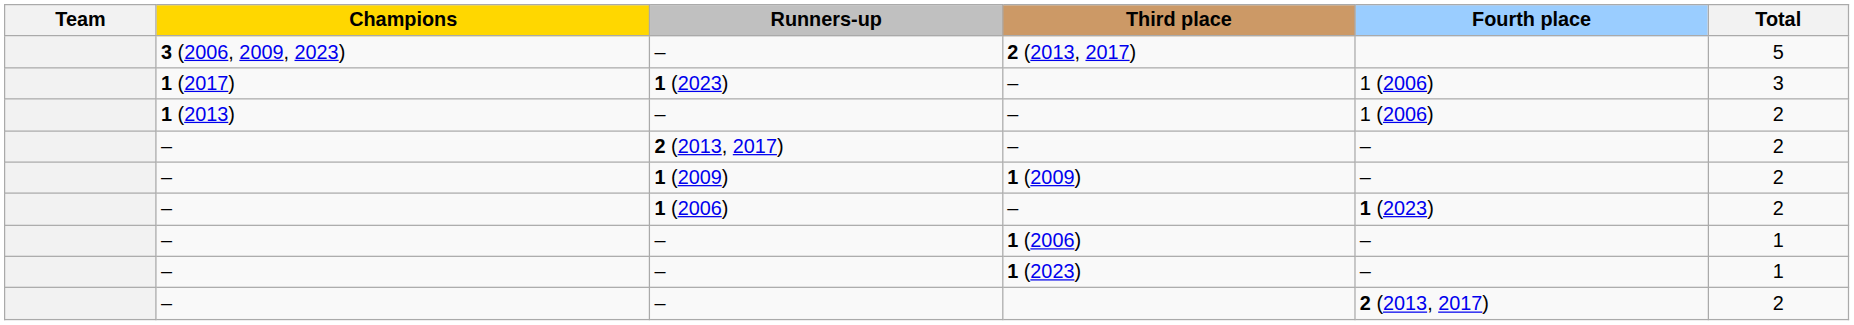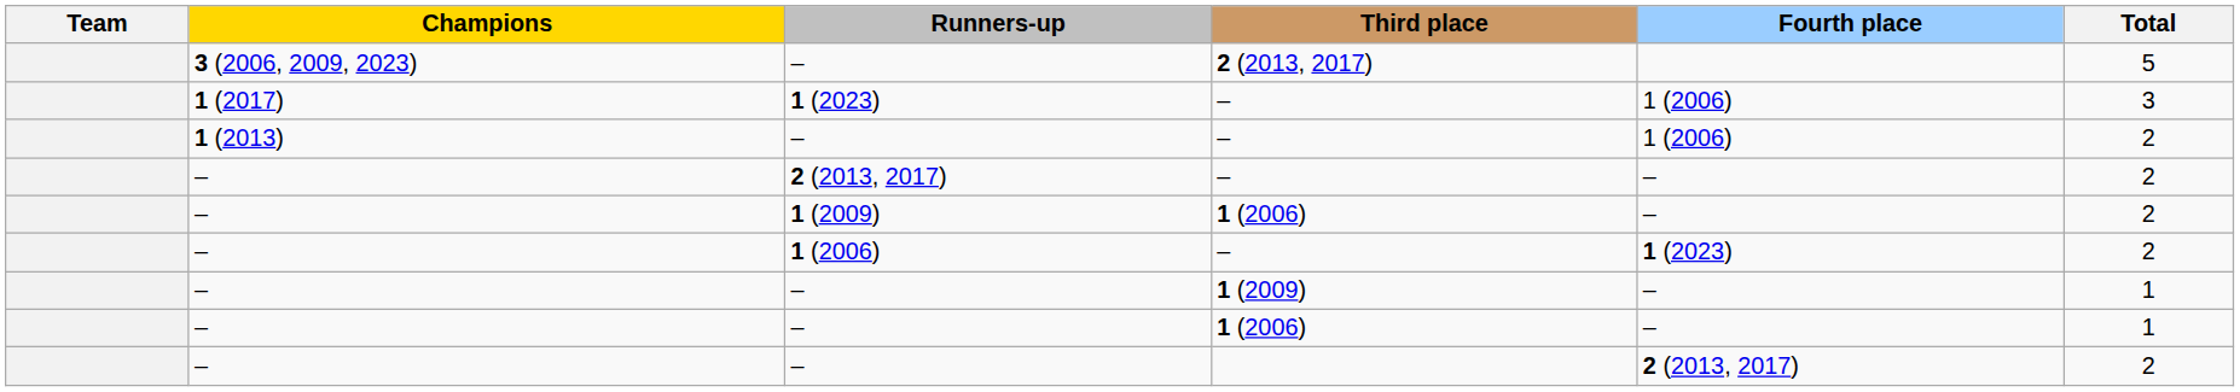 <table class="wikitable sortable plainrowheaders" style=font-size:100% width=75%>
 <tr>
 <th>Team</th>
 <th scope="col" style="background-color:gold;">Champions</th>
 <th scope="col" style="background-color:silver;">Runners-up</th>
 <th scope="col" style="background-color:#c96;">Third place</th>
 <th scope="col" style="background: #9acdff;">Fourth place</th>
 <th scope="col">Total</th>
 </tr>
 <tr>
 <th scope="row"></th>
 <td><strong>3</strong> (<a href='#'>2006</a>, <a href='#'>2009</a>, <a href='#'>2023</a>)</td>
 <td>–</td>
 <td><strong>2</strong> (<a href='#'>2013</a>, <a href='#'>2017</a>)</td>
 <td></td>
 <td align=center>5</td>
 </tr>
 <tr>
 <th scope="row"></th>
 <td><strong>1</strong> (<a href='#'>2017</a>)</td>
 <td><strong>1</strong> (<a href='#'>2023</a>)</td>
 <td>–</td>
 <td>1 (<a href='#'>2006</a>)</td>
 <td align=center>3</td>
 </tr>
 <tr>
 <th scope="row"></th>
 <td><strong>1</strong> (<a href='#'>2013</a>)</td>
 <td>–</td>
 <td>–</td>
 <td>1 (<a href='#'>2006</a>)</td>
 <td align=center>2</td>
 </tr>
 <tr>
 <th scope="row"></th>
 <td>–</td>
 <td><strong>2</strong> (<a href='#'>2013</a>, <a href='#'>2017</a>)</td>
 <td>–</td>
 <td>–</td>
 <td align=center>2</td>
 </tr>
 <tr>
 <th scope="row"></th>
 <td>–</td>
 <td><strong>1</strong> (<a href='#'>2009</a>)</td>
-<td><strong>1</strong> (<a href='#'>2009</a>)</td>
+<td><strong>1</strong> (<a href='#'>2006</a>)</td>
 <td>–</td>
 <td align=center>2</td>
 </tr>
 <tr>
 <th scope="row"></th>
 <td>–</td>
 <td><strong>1</strong> (<a href='#'>2006</a>)</td>
 <td>–</td>
 <td><strong>1</strong> (<a href='#'>2023</a>)</td>
 <td align=center>2</td>
 </tr>
 <tr>
 <th scope="row"></th>
 <td>–</td>
 <td>–</td>
-<td><strong>1</strong> (<a href='#'>2006</a>)</td>
+<td><strong>1</strong> (<a href='#'>2009</a>)</td>
 <td>–</td>
 <td align=center>1</td>
 </tr>
 <tr>
 <th scope="row"></th>
 <td>–</td>
 <td>–</td>
-<td><strong>1</strong> (<a href='#'>2023</a>)</td>
+<td><strong>1</strong> (<a href='#'>2006</a>)</td>
 <td>–</td>
 <td align=center>1</td>
 </tr>
 <tr>
 <th scope="row"></th>
 <td>–</td>
 <td>–</td>
 <td></td>
 <td><strong>2</strong> (<a href='#'>2013</a>, <a href='#'>2017</a>)</td>
 <td align=center>2</td>
 </tr>
 </table>
